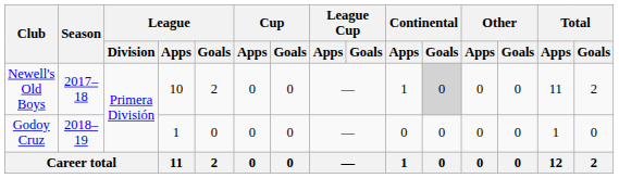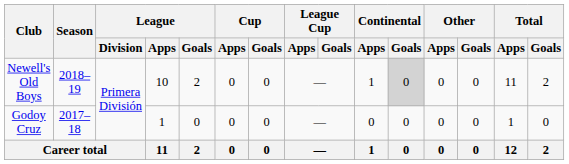 <table class="wikitable" style="text-align:center">
 <tr>
 <th rowspan="2">Club</th>
 <th rowspan="2">Season</th>
 <th colspan="3">League</th>
 <th colspan="2">Cup</th>
 <th colspan="2">League Cup</th>
 <th colspan="2">Continental</th>
 <th colspan="2">Other</th>
 <th colspan="2">Total</th>
 </tr>
 <tr>
 <th>Division</th>
 <th>Apps</th>
 <th>Goals</th>
 <th>Apps</th>
 <th>Goals</th>
 <th>Apps</th>
 <th>Goals</th>
 <th>Apps</th>
 <th>Goals</th>
 <th>Apps</th>
 <th>Goals</th>
 <th>Apps</th>
 <th>Goals</th>
 </tr>
 <tr>
 <td rowspan="1"><a href='#'>Newell's Old Boys</a></td>
-<td><a href='#'>2017–18</a></td>
+<td><a href='#'>2018–19</a></td>
 <td rowspan="2"><a href='#'>Primera División</a></td>
 <td>10</td>
 <td>2</td>
 <td>0</td>
 <td>0</td>
 <td colspan="2">—</td>
 <td>1</td>
 <td style="background: lightgrey;">0</td>
 <td>0</td>
 <td>0</td>
 <td>11</td>
 <td>2</td>
 </tr>
 <tr>
 <td rowspan="1"><a href='#'>Godoy Cruz</a></td>
-<td><a href='#'>2018–19</a></td>
+<td><a href='#'>2017–18</a></td>
 <td>1</td>
 <td>0</td>
 <td>0</td>
 <td>0</td>
 <td colspan="2">—</td>
 <td>0</td>
 <td>0</td>
 <td>0</td>
 <td>0</td>
 <td>1</td>
 <td>0</td>
 </tr>
 <tr>
 <th colspan="3">Career total</th>
 <th>11</th>
 <th>2</th>
 <th>0</th>
 <th>0</th>
 <th colspan="2">—</th>
 <th>1</th>
 <th>0</th>
 <th>0</th>
 <th>0</th>
 <th>12</th>
 <th>2</th>
 </tr>
 </table>
